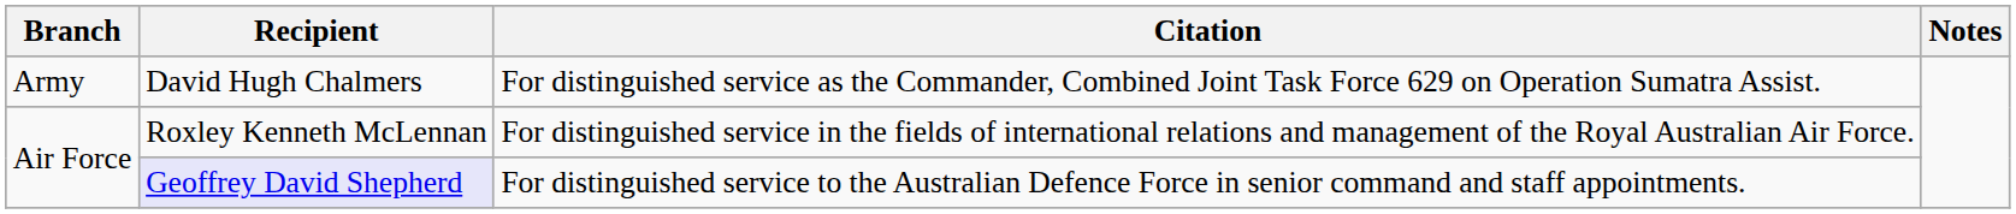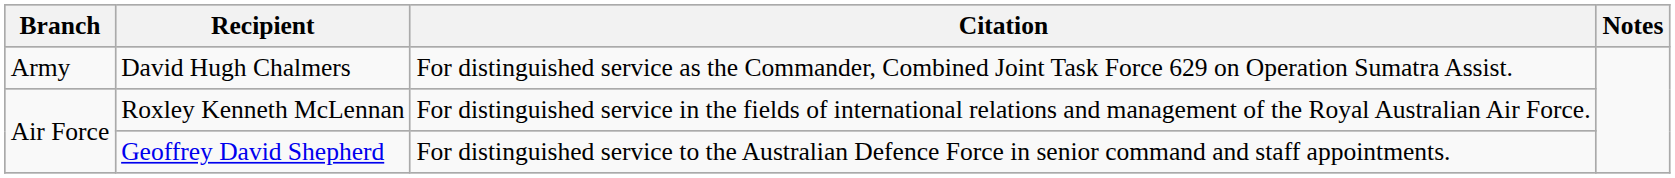 <table class="wikitable" style="font-size:95%;">
 <tr>
 <th>Branch</th>
 <th>Recipient</th>
 <th>Citation</th>
 <th>Notes</th>
 </tr>
 <tr>
 <td rowspan=1>Army</td>
 <td> David Hugh Chalmers</td>
 <td>For distinguished service as the Commander, Combined Joint Task Force 629 on Operation Sumatra Assist.</td>
 <td rowspan=3></td>
 </tr>
 <tr>
 <td rowspan=2>Air Force</td>
 <td> Roxley Kenneth McLennan</td>
 <td>For distinguished service in the fields of international relations and management of the Royal Australian Air Force.</td>
 </tr>
 <tr>
-<td style="background: lavender;"> <a href='#'>Geoffrey David Shepherd</a></td>
+<td> <a href='#'>Geoffrey David Shepherd</a></td>
 <td>For distinguished service to the Australian Defence Force in senior command and staff appointments.</td>
 </tr>
 </table>
